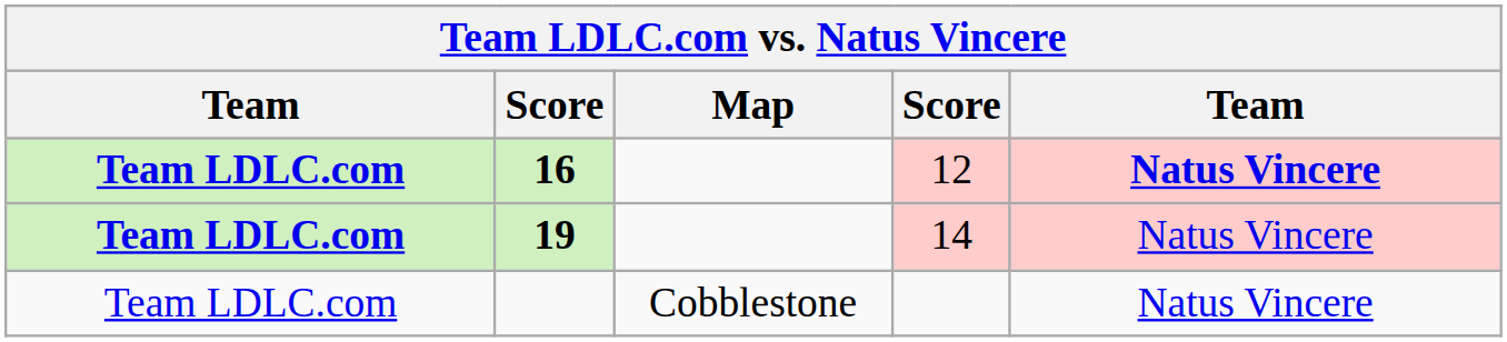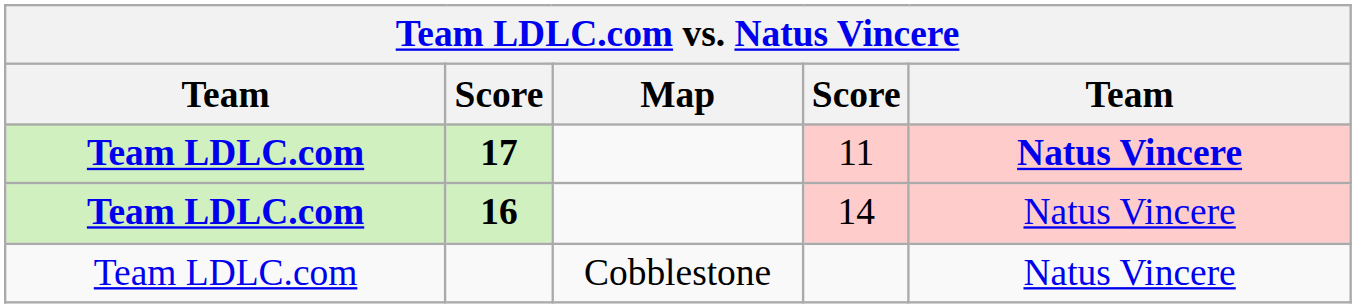 <table class="wikitable" style="text-align: center;">
 <tr>
 <th colspan=5><a href='#'>Team LDLC.com</a> vs.  <a href='#'>Natus Vincere</a></th>
 </tr>
 <tr>
 <th width="181px">Team</th>
 <th width="20px">Score</th>
 <th width="100px">Map</th>
 <th width="20px">Score</th>
 <th width="181px">Team</th>
 </tr>
 <tr>
 <td style="background: #D0F0C0;"><strong><a href='#'>Team LDLC.com</a></strong></td>
-<td style="background: #D0F0C0;"><strong>16</strong></td>
+<td style="background: #D0F0C0;"><strong>17</strong></td>
 <td></td>
-<td style="background: #FFCCCC;">12</td>
+<td style="background: #FFCCCC;">11</td>
 <td style="background: #FFCCCC;"><strong><a href='#'>Natus Vincere</a></strong></td>
 </tr>
 <tr>
 <td style="background: #D0F0C0;"><strong><a href='#'>Team LDLC.com</a></strong></td>
-<td style="background: #D0F0C0;"><strong>19</strong></td>
+<td style="background: #D0F0C0;"><strong>16</strong></td>
 <td></td>
 <td style="background: #FFCCCC;">14</td>
 <td style="background: #FFCCCC;"><a href='#'>Natus Vincere</a></td>
 </tr>
 <tr>
 <td><a href='#'>Team LDLC.com</a></td>
 <td></td>
 <td>Cobblestone</td>
 <td></td>
 <td><a href='#'>Natus Vincere</a></td>
 </tr>
 </table>
